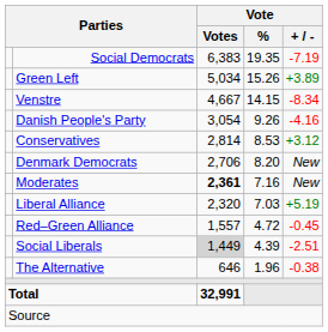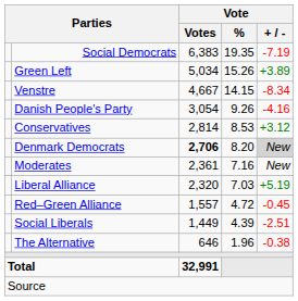 <table class="wikitable" style="text-align:right;">
 <tr>
 <th style="text-align:centre;" rowspan="2" colspan="2" width="225">Parties</th>
 <th colspan="3">Vote</th>
 </tr>
 <tr>
 <th width="15">Votes</th>
 <th width="15">%</th>
 <th width="15">+ / -</th>
 </tr>
 <tr>
 <td width=2 bgcolor=></td>
 <td><a href='#'>Social Democrats</a></td>
 <td>6,383</td>
 <td>19.35</td>
 <td style=color:red;>-7.19</td>
 </tr>
 <tr>
 <td width=2 bgcolor=></td>
 <td align=left><a href='#'>Green Left</a></td>
 <td>5,034</td>
 <td>15.26</td>
 <td style=color:green;>+3.89</td>
 </tr>
 <tr>
 <td width=2 bgcolor=></td>
 <td align=left><a href='#'>Venstre</a></td>
 <td>4,667</td>
 <td>14.15</td>
 <td style=color:red;>-8.34</td>
 </tr>
 <tr>
 <td width=2 bgcolor=></td>
 <td align=left><a href='#'>Danish People's Party</a></td>
 <td>3,054</td>
 <td>9.26</td>
 <td style=color:red;>-4.16</td>
 </tr>
 <tr>
 <td width=2 bgcolor=></td>
 <td align=left><a href='#'>Conservatives</a></td>
 <td>2,814</td>
 <td>8.53</td>
 <td style=color:green;>+3.12</td>
 </tr>
 <tr>
 <td width=2 bgcolor=></td>
 <td align=left><a href='#'>Denmark Democrats</a></td>
-<td>2,706</td>
+<td><strong>2,706</strong></td>
 <td>8.20</td>
-<td><em>New</em></td>
+<td style="background: lightgrey;"><em>New</em></td>
 </tr>
 <tr>
 <td width=2 bgcolor=></td>
 <td align=left><a href='#'>Moderates</a></td>
-<td><strong>2,361</strong></td>
+<td>2,361</td>
 <td>7.16</td>
 <td><em>New</em></td>
 </tr>
 <tr>
 <td width=2 bgcolor=></td>
 <td align=left><a href='#'>Liberal Alliance</a></td>
 <td>2,320</td>
 <td>7.03</td>
 <td style=color:green;>+5.19</td>
 </tr>
 <tr>
 <td width=2 bgcolor=></td>
 <td align=left><a href='#'>Red–Green Alliance</a></td>
 <td>1,557</td>
 <td>4.72</td>
 <td style=color:red;>-0.45</td>
 </tr>
 <tr>
 <td width=2 bgcolor=></td>
 <td align=left><a href='#'>Social Liberals</a></td>
-<td style="background: lightgrey;">1,449</td>
+<td>1,449</td>
 <td>4.39</td>
 <td style=color:red;>-2.51</td>
 </tr>
 <tr>
 <td width=2 bgcolor=></td>
 <td align=left><a href='#'>The Alternative</a></td>
 <td>646</td>
 <td>1.96</td>
 <td style=color:red;>-0.38</td>
 </tr>
 <tr>
 <td colspan="7" bgcolor="#E9E9E9"></td>
 </tr>
 <tr>
 <td align="left" colspan="2"><strong>Total</strong></td>
 <td><strong>32,991</strong></td>
 <td bgcolor=#E9E9E9 colspan=2></td>
 </tr>
 <tr>
 <td align="left" colspan="6">Source</td>
 </tr>
 </table>
